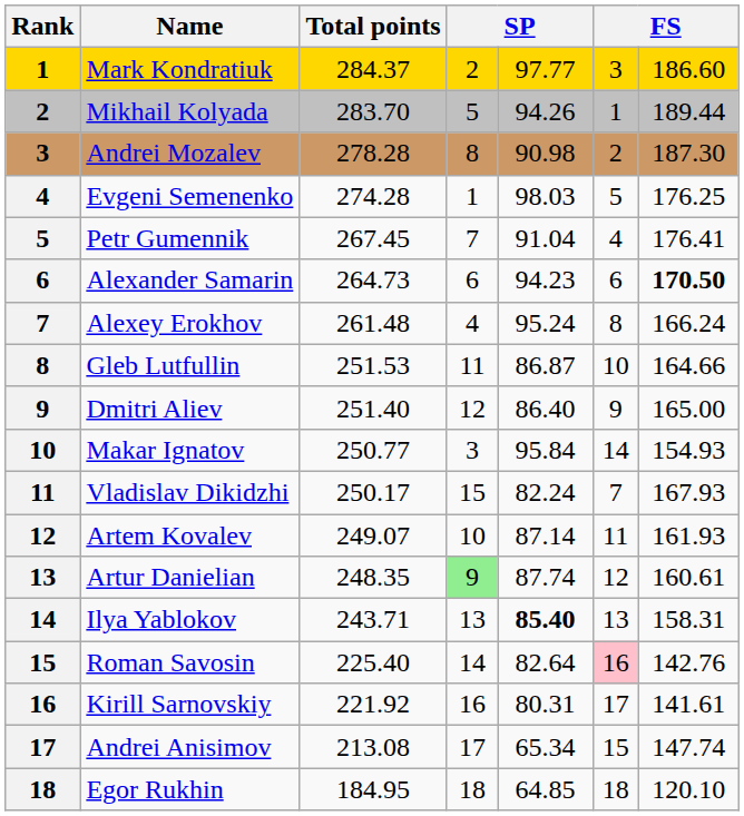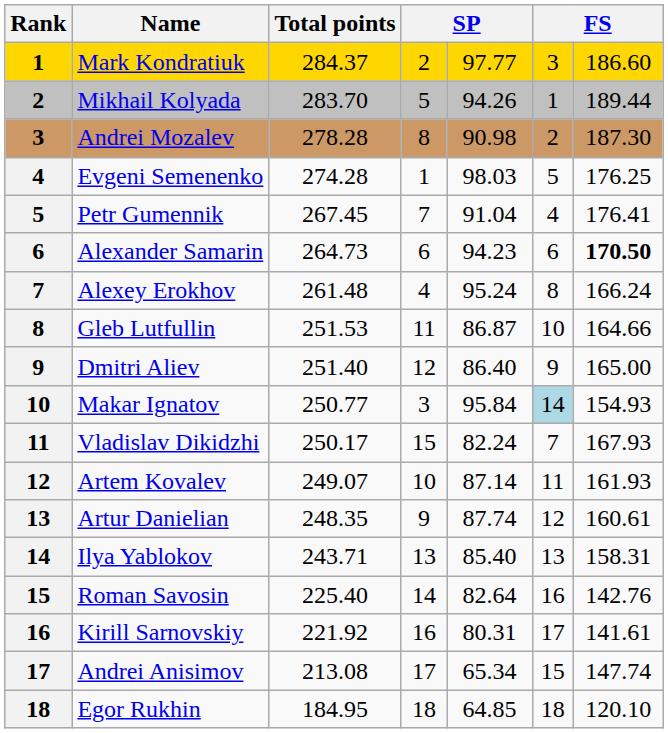 <table class="wikitable sortable">
 <tr>
 <th>Rank</th>
 <th>Name</th>
 <th>Total points</th>
 <th colspan="2" width="80px"><a href='#'>SP</a></th>
 <th colspan="2" width="80px"><a href='#'>FS</a></th>
 </tr>
 <tr bgcolor="gold">
 <td align="center"><strong>1</strong></td>
 <td><a href='#'>Mark Kondratiuk</a></td>
 <td align="center">284.37</td>
 <td align="center">2</td>
 <td align="center">97.77</td>
 <td align="center">3</td>
 <td align="center">186.60</td>
 </tr>
 <tr bgcolor="silver">
 <td align="center"><strong>2</strong></td>
 <td><a href='#'>Mikhail Kolyada</a></td>
 <td align="center">283.70</td>
 <td align="center">5</td>
 <td align="center">94.26</td>
 <td align="center">1</td>
 <td align="center">189.44</td>
 </tr>
 <tr bgcolor="cc9966">
 <td align="center"><strong>3</strong></td>
 <td><a href='#'>Andrei Mozalev</a></td>
 <td align="center">278.28</td>
 <td align="center">8</td>
 <td align="center">90.98</td>
 <td align="center">2</td>
 <td align="center">187.30</td>
 </tr>
 <tr>
 <th>4</th>
 <td><a href='#'>Evgeni Semenenko</a></td>
 <td align="center">274.28</td>
 <td align="center">1</td>
 <td align="center">98.03</td>
 <td align="center">5</td>
 <td align="center">176.25</td>
 </tr>
 <tr>
 <th>5</th>
 <td><a href='#'>Petr Gumennik</a></td>
 <td align="center">267.45</td>
 <td align="center">7</td>
 <td align="center">91.04</td>
 <td align="center">4</td>
 <td align="center">176.41</td>
 </tr>
 <tr>
 <th>6</th>
 <td><a href='#'>Alexander Samarin</a></td>
 <td align="center">264.73</td>
 <td align="center">6</td>
 <td align="center">94.23</td>
 <td align="center">6</td>
 <td align="center"><strong>170.50</strong></td>
 </tr>
 <tr>
 <th>7</th>
 <td><a href='#'>Alexey Erokhov</a></td>
 <td align="center">261.48</td>
 <td align="center">4</td>
 <td align="center">95.24</td>
 <td align="center">8</td>
 <td align="center">166.24</td>
 </tr>
 <tr>
 <th>8</th>
 <td><a href='#'>Gleb Lutfullin</a></td>
 <td align="center">251.53</td>
 <td align="center">11</td>
 <td align="center">86.87</td>
 <td align="center">10</td>
 <td align="center">164.66</td>
 </tr>
 <tr>
 <th>9</th>
 <td><a href='#'>Dmitri Aliev</a></td>
 <td align="center">251.40</td>
 <td align="center">12</td>
 <td align="center">86.40</td>
 <td align="center">9</td>
 <td align="center">165.00</td>
 </tr>
 <tr>
 <th>10</th>
 <td><a href='#'>Makar Ignatov</a></td>
 <td align="center">250.77</td>
 <td align="center">3</td>
 <td align="center">95.84</td>
-<td align="center">14</td>
+<td align="center" style="background: lightblue;">14</td>
 <td align="center">154.93</td>
 </tr>
 <tr>
 <th>11</th>
 <td><a href='#'>Vladislav Dikidzhi</a></td>
 <td align="center">250.17</td>
 <td align="center">15</td>
 <td align="center">82.24</td>
 <td align="center">7</td>
 <td align="center">167.93</td>
 </tr>
 <tr>
 <th>12</th>
 <td><a href='#'>Artem Kovalev</a></td>
 <td align="center">249.07</td>
 <td align="center">10</td>
 <td align="center">87.14</td>
 <td align="center">11</td>
 <td align="center">161.93</td>
 </tr>
 <tr>
 <th>13</th>
 <td><a href='#'>Artur Danielian</a></td>
 <td align="center">248.35</td>
-<td align="center" style="background: lightgreen;">9</td>
+<td align="center">9</td>
 <td align="center">87.74</td>
 <td align="center">12</td>
 <td align="center">160.61</td>
 </tr>
 <tr>
 <th>14</th>
 <td><a href='#'>Ilya Yablokov</a></td>
 <td align="center">243.71</td>
 <td align="center">13</td>
-<td align="center"><strong>85.40</strong></td>
+<td align="center">85.40</td>
 <td align="center">13</td>
 <td align="center">158.31</td>
 </tr>
 <tr>
 <th>15</th>
 <td><a href='#'>Roman Savosin</a></td>
 <td align="center">225.40</td>
 <td align="center">14</td>
 <td align="center">82.64</td>
-<td align="center" style="background: pink;">16</td>
+<td align="center">16</td>
 <td align="center">142.76</td>
 </tr>
 <tr>
 <th>16</th>
 <td><a href='#'>Kirill Sarnovskiy</a></td>
 <td align="center">221.92</td>
 <td align="center">16</td>
 <td align="center">80.31</td>
 <td align="center">17</td>
 <td align="center">141.61</td>
 </tr>
 <tr>
 <th>17</th>
 <td><a href='#'>Andrei Anisimov</a></td>
 <td align="center">213.08</td>
 <td align="center">17</td>
 <td align="center">65.34</td>
 <td align="center">15</td>
 <td align="center">147.74</td>
 </tr>
 <tr>
 <th>18</th>
 <td><a href='#'>Egor Rukhin</a></td>
 <td align="center">184.95</td>
 <td align="center">18</td>
 <td align="center">64.85</td>
 <td align="center">18</td>
 <td align="center">120.10</td>
 </tr>
 </table>
